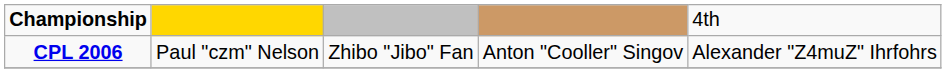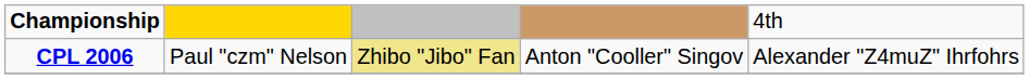 <table class="wikitable" style="text-align:left">
 <tr>
 <td style="text-align:center"><strong>Championship</strong></td>
 <td style="text-align:center" bgcolor="gold"></td>
 <td style="text-align:center" bgcolor="silver"></td>
 <td style="text-align:center" bgcolor="CC9966"></td>
 <td>4th</td>
 </tr>
 <tr>
 <td style="text-align:center"><strong><a href='#'>CPL 2006</a></strong></td>
 <td> Paul "czm" Nelson</td>
-<td> Zhibo "Jibo" Fan</td>
+<td style="background: khaki;"> Zhibo "Jibo" Fan</td>
 <td> Anton "Cooller" Singov</td>
 <td> Alexander "Z4muZ" Ihrfohrs</td>
 </tr>
 <tr>
 </tr>
 </table>
